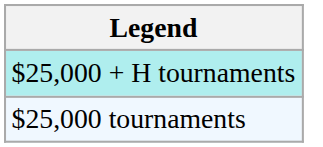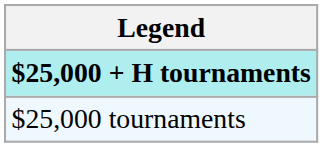 <table class=wikitable style="font-size:85%;">
 <tr>
 <th>Legend</th>
 </tr>
 <tr style="background:#afeeee;">
-<td>$25,000 + H tournaments</td>
+<td><strong>$25,000 + H tournaments</strong></td>
 </tr>
 <tr style="background:#f0f8ff;">
 <td>$25,000 tournaments</td>
 </tr>
 </table>
